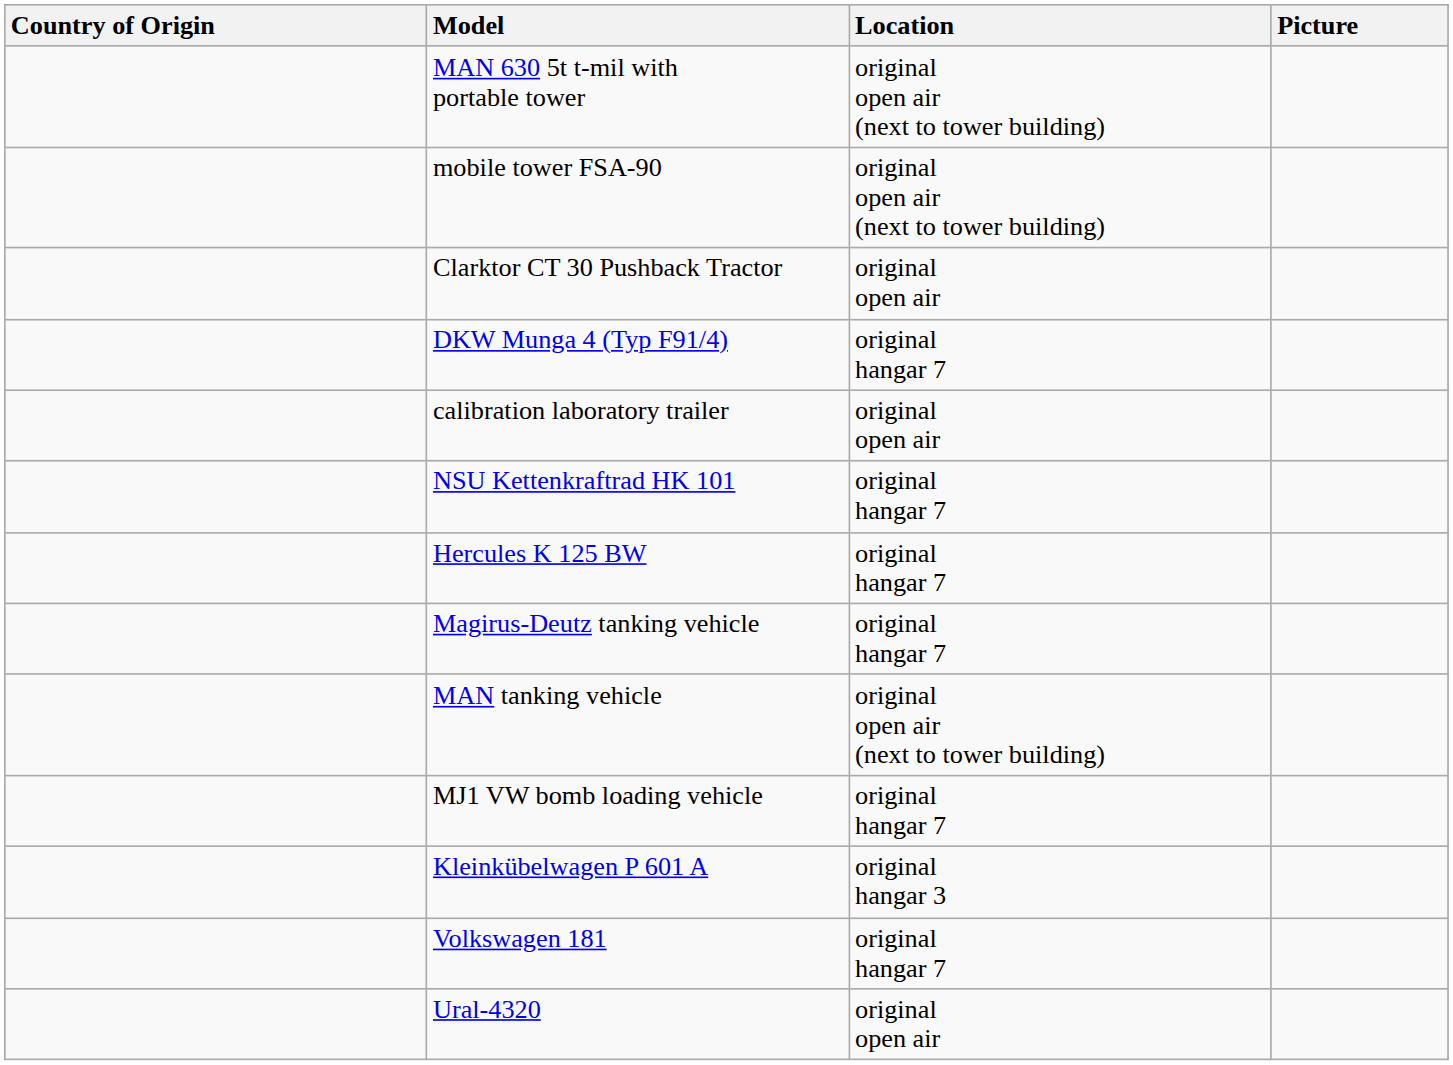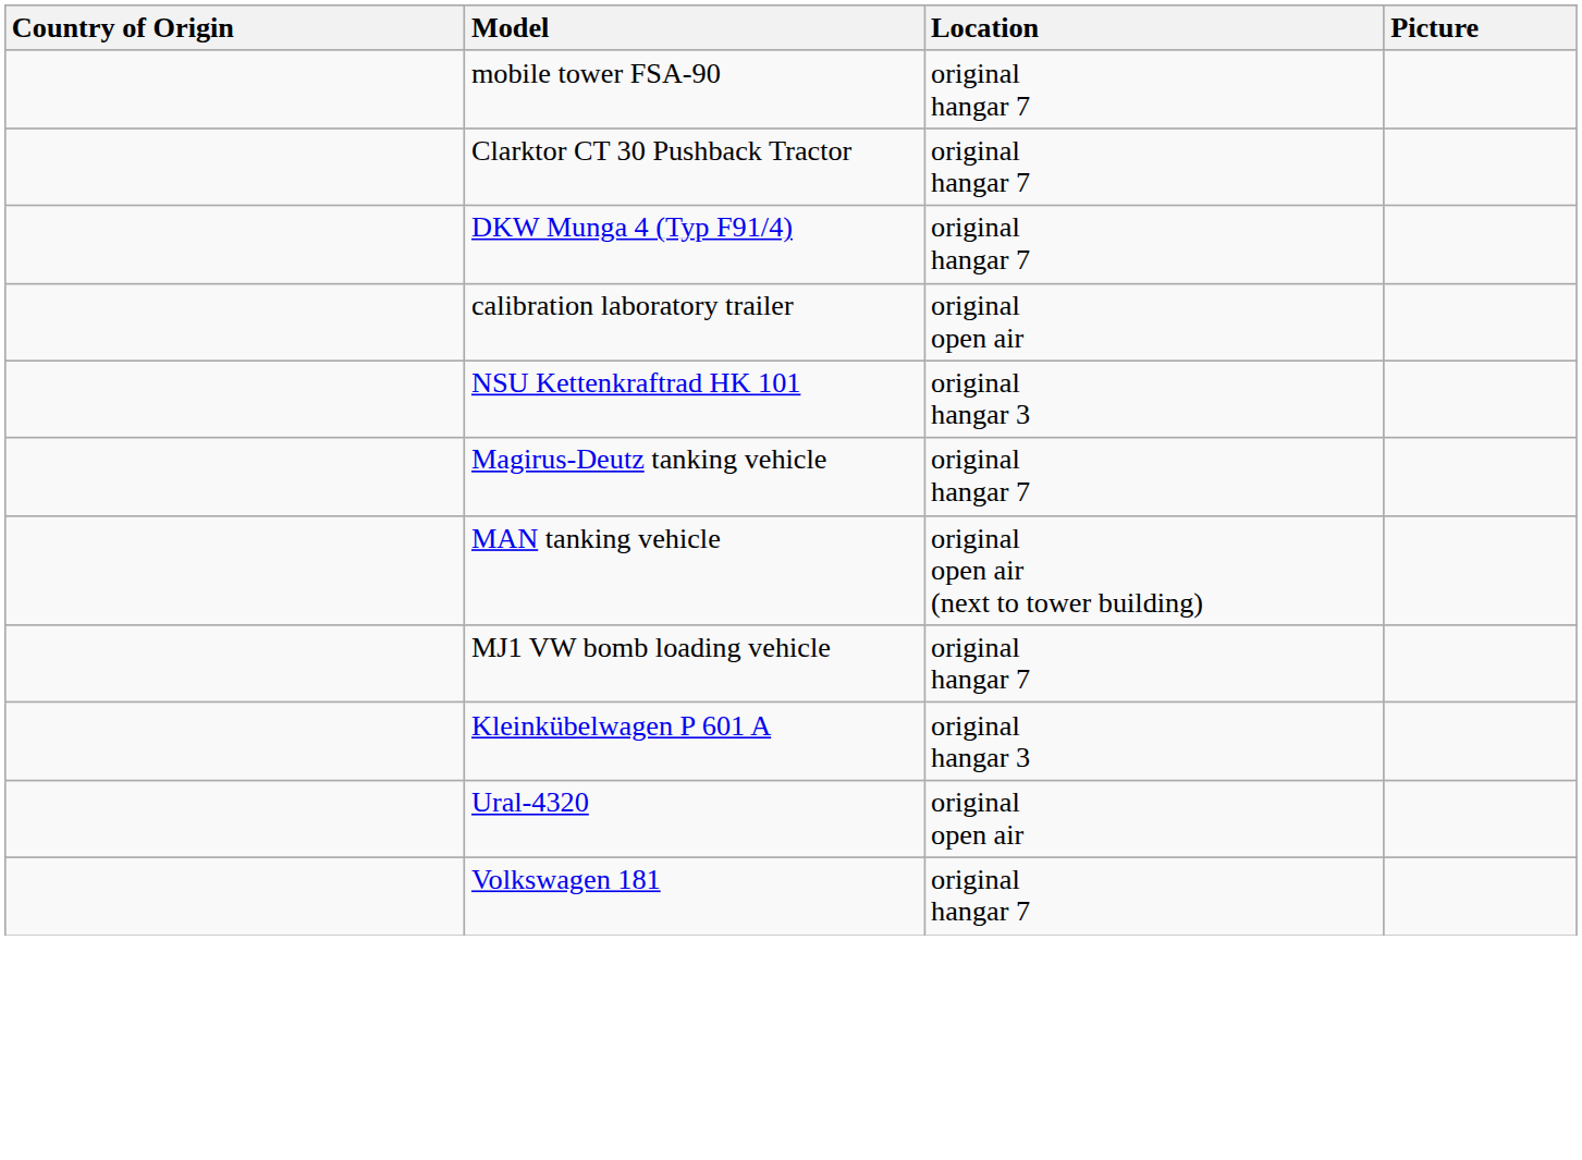 <table class="wikitable sortable">
 <tr>
 <th style="text-align:left" width=250px>Country of Origin</th>
 <th ! style="text-align:left" width=250px>Model</th>
 <th ! style="text-align:left" width=250px class="unsortable">Location</th>
 <th ! style="text-align:left" width=100px class="unsortable">Picture</th>
 </tr>
 <tr style="vertical-align:top">
 <td style="text-align:left"></td>
-<td style="text-align:left"><a href='#'>MAN 630</a> 5t t-mil with<br>portable tower</td>
-<td style="text-align:left">original<br>open air<br>(next to tower building)</td>
-<td style="text-align:left"></td>
-</tr>
-<tr style="vertical-align:top">
-<td style="text-align:left"></td>
 <td style="text-align:left">mobile tower FSA-90</td>
-<td style="text-align:left">original<br>open air<br>(next to tower building)</td>
+<td style="text-align:left">original<br>hangar 7</td>
 <td style="text-align:left"></td>
 </tr>
 <tr style="vertical-align:top">
 <td style="text-align:left"></td>
 <td style="text-align:left">Clarktor CT 30 Pushback Tractor</td>
-<td style="text-align:left">original<br>open air</td>
+<td style="text-align:left">original<br>hangar 7</td>
 <td style="text-align:left"></td>
 </tr>
 <tr style="vertical-align:top">
 <td style="text-align:left"></td>
 <td style="text-align:left"><a href='#'>DKW Munga 4 (Typ F91/4)</a></td>
 <td style="text-align:left">original<br>hangar 7</td>
 <td style="text-align:left"></td>
 </tr>
 <tr style="vertical-align:top">
 <td style="text-align:left"></td>
 <td style="text-align:left">calibration laboratory trailer</td>
 <td style="text-align:left">original<br>open air</td>
 <td style="text-align:left"></td>
 </tr>
 <tr style="vertical-align:top">
 <td style="text-align:left"></td>
 <td style="text-align:left"><a href='#'>NSU Kettenkraftrad HK 101</a></td>
-<td style="text-align:left">original<br>hangar 7</td>
-<td style="text-align:left"></td>
-</tr>
-<tr style="vertical-align:top">
-<td style="text-align:left"></td>
-<td style="text-align:left"><a href='#'>Hercules K 125 BW</a></td>
-<td style="text-align:left">original<br>hangar 7</td>
+<td style="text-align:left">original<br>hangar 3</td>
 <td style="text-align:left"></td>
 </tr>
 <tr style="vertical-align:top">
 <td style="text-align:left"></td>
 <td style="text-align:left"><a href='#'>Magirus-Deutz</a> tanking vehicle</td>
 <td style="text-align:left">original<br>hangar 7</td>
 <td style="text-align:left"></td>
 </tr>
 <tr style="vertical-align:top">
 <td style="text-align:left"></td>
 <td style="text-align:left"><a href='#'>MAN</a> tanking vehicle</td>
 <td style="text-align:left">original<br>open air<br>(next to tower building)</td>
 <td style="text-align:left"></td>
 </tr>
 <tr style="vertical-align:top">
 <td style="text-align:left"></td>
 <td style="text-align:left">MJ1 VW bomb loading vehicle</td>
 <td style="text-align:left">original<br>hangar 7</td>
 <td style="text-align:left"></td>
 </tr>
 <tr style="vertical-align:top">
 <td style="text-align:left"></td>
 <td style="text-align:left"><a href='#'>Kleinkübelwagen P 601 A</a></td>
 <td style="text-align:left">original<br>hangar 3</td>
 <td style="text-align:left"></td>
 </tr>
 <tr style="vertical-align:top">
 <td style="text-align:left"></td>
+<td style="text-align:left"><a href='#'>Ural-4320</a></td>
+<td style="text-align:left">original<br>open air</td>
+<td style="text-align:left"></td>
+</tr>
+<tr style="vertical-align:top">
+<td style="text-align:left"></td>
 <td style="text-align:left"><a href='#'>Volkswagen 181</a></td>
 <td style="text-align:left">original<br>hangar 7</td>
 <td style="text-align:left"></td>
 </tr>
-<tr style="vertical-align:top">
-<td style="text-align:left"></td>
-<td style="text-align:left"><a href='#'>Ural-4320</a></td>
-<td style="text-align:left">original<br>open air</td>
-<td style="text-align:left"></td>
-</tr>
 </table>
